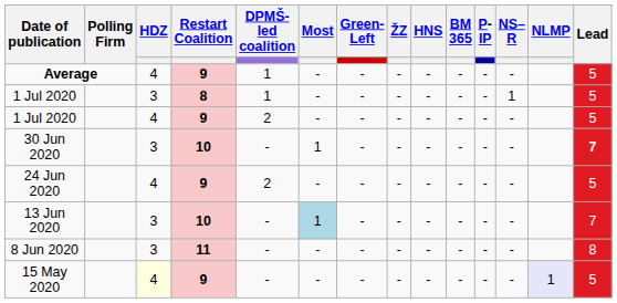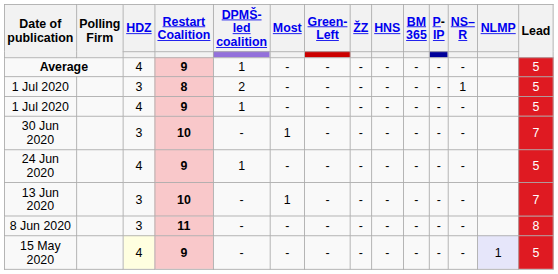 <table class="wikitable sortable" style="text-align:center; font-size:90%; line-height:16px;">
 <tr style="height:42px;">
 <th style="width:100px;" rowspan="2">Date of publication</th>
 <th style="width:165px;" rowspan="2">Polling Firm</th>
 <th class="unsortable"><a href='#'>HDZ</a></th>
 <th class="unsortable"><a href='#'>Restart Coalition</a></th>
 <th class="unsortable"><a href='#'>DPMŠ-led coalition</a></th>
 <th class="unsortable"><a href='#'>Most</a></th>
 <th class="unsortable"><a href='#'>Green-Left</a></th>
 <th class="unsortable"><a href='#'>ŽZ</a></th>
 <th class="unsortable"><a href='#'>HNS</a></th>
 <th class="unsortable"><a href='#'>BM 365</a></th>
 <th class="unsortable"><a href='#'>P</a>-<a href='#'>IP</a></th>
 <th class="unsortable"><a href='#'>NS–R</a></th>
 <th class="unsortable"><a href='#'>NLMP</a></th>
 <th class="unsortable" style="width:20px;" rowspan="2">Lead</th>
 </tr>
 <tr>
 <th class="unsortable" style="color:inherit;background:"></th>
 <th class="unsortable" style="color:inherit;background:"></th>
 <th class="unsortable" style="color:inherit;background:#9370db; width:45px;"></th>
 <th class="unsortable" style="color:inherit;background:"></th>
 <th class="unsortable" style="background:#cc0000" width="45px"></th>
 <th class="unsortable" style="color:inherit;background:"></th>
 <th class="unsortable" style="color:inherit;background:"></th>
 <th class="unsortable" style="color:inherit;background:"></th>
 <th class="unsortable" style="color:inherit;background:#00009a; width:45px;"></th>
 <th class="unsortable" style="color:inherit;background:"></th>
 <th class="unsortable" style="background:" width="45px"></th>
 </tr>
 <tr>
 <td colspan="2"><strong>Average</strong></td>
 <td>4</td>
 <td style="background:#F9C8CA"><strong>9</strong></td>
 <td>1</td>
 <td>-</td>
 <td>-</td>
 <td>-</td>
 <td>-</td>
 <td>-</td>
 <td>-</td>
 <td>-</td>
 <td></td>
 <td style="background:#DF1A22; color:white;">5</td>
 </tr>
 <tr>
 <td>1 Jul 2020</td>
 <td></td>
 <td>3</td>
 <td style="background:#F9C8CA"><strong>8</strong></td>
-<td>1</td>
+<td>2</td>
 <td>-</td>
 <td>-</td>
 <td>-</td>
 <td>-</td>
 <td>-</td>
 <td>-</td>
 <td>1</td>
 <td></td>
 <td style="background:#DF1A22; color:white;">5</td>
 </tr>
 <tr>
 <td>1 Jul 2020</td>
 <td></td>
 <td>4</td>
 <td style="background:#F9C8CA"><strong>9</strong></td>
-<td>2</td>
+<td>1</td>
 <td>-</td>
 <td>-</td>
 <td>-</td>
 <td>-</td>
 <td>-</td>
 <td>-</td>
 <td>-</td>
 <td></td>
 <td style="background:#DF1A22; color:white;">5</td>
 </tr>
 <tr>
 <td>30 Jun 2020</td>
 <td></td>
 <td>3</td>
 <td style="background:#F9C8CA"><strong>10</strong></td>
 <td>-</td>
 <td>1</td>
 <td>-</td>
 <td>-</td>
 <td>-</td>
 <td>-</td>
 <td>-</td>
 <td>-</td>
 <td></td>
-<td style="background:#DF1A22; color:white;"><strong>7</strong></td>
+<td style="background:#DF1A22; color:white;">7</td>
 </tr>
 <tr>
 <td>24 Jun 2020</td>
 <td></td>
 <td>4</td>
 <td style="background:#F9C8CA"><strong>9</strong></td>
-<td>2</td>
+<td>1</td>
 <td>-</td>
 <td>-</td>
 <td>-</td>
 <td>-</td>
 <td>-</td>
 <td>-</td>
 <td>-</td>
 <td></td>
 <td style="background:#DF1A22; color:white;">5</td>
 </tr>
 <tr>
 <td>13 Jun 2020</td>
 <td></td>
 <td>3</td>
 <td style="background:#F9C8CA"><strong>10</strong></td>
 <td>-</td>
-<td style="background: lightblue;">1</td>
+<td>1</td>
 <td>-</td>
 <td>-</td>
 <td>-</td>
 <td>-</td>
 <td>-</td>
 <td>-</td>
 <td></td>
 <td style="background:#DF1A22; color:white;">7</td>
 </tr>
 <tr>
 <td>8 Jun 2020</td>
 <td></td>
 <td>3</td>
 <td style="background:#F9C8CA"><strong>11</strong></td>
 <td>-</td>
 <td>-</td>
 <td>-</td>
 <td>-</td>
 <td>-</td>
 <td>-</td>
 <td>-</td>
 <td>-</td>
 <td></td>
 <td style="background:#DF1A22; color:white;">8</td>
 </tr>
 <tr>
 <td>15 May 2020</td>
 <td></td>
 <td style="background: lightyellow;">4</td>
 <td style="background:#F9C8CA"><strong>9</strong></td>
 <td>-</td>
 <td>-</td>
 <td>-</td>
 <td>-</td>
 <td>-</td>
 <td>-</td>
 <td>-</td>
 <td>-</td>
 <td style="background: lavender;">1</td>
 <td style="background:#DF1A22; color:white;">5</td>
 </tr>
 </table>
